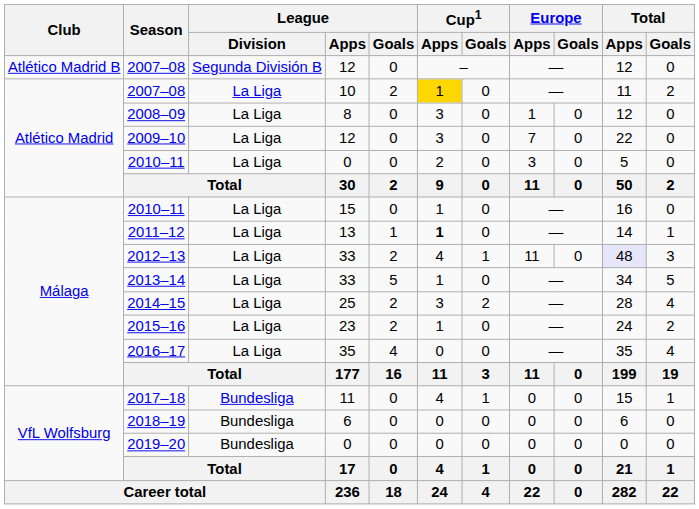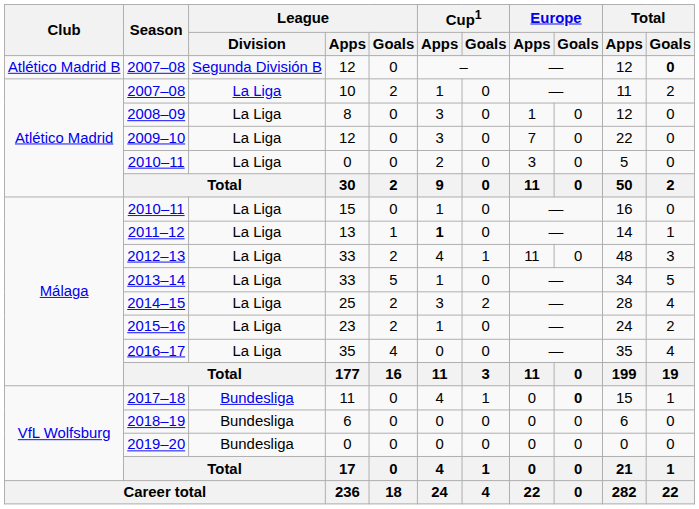 <table class="wikitable" style="text-align:center">
 <tr>
 <th rowspan="2">Club</th>
 <th rowspan="2">Season</th>
 <th colspan="3">League</th>
 <th colspan="2">Cup<sup>1</sup></th>
 <th colspan="2"><a href='#'>Europe</a></th>
 <th colspan="2">Total</th>
 </tr>
 <tr>
 <th>Division</th>
 <th>Apps</th>
 <th>Goals</th>
 <th>Apps</th>
 <th>Goals</th>
 <th>Apps</th>
 <th>Goals</th>
 <th>Apps</th>
 <th>Goals</th>
 </tr>
 <tr>
 <td><a href='#'>Atlético Madrid B</a></td>
 <td><a href='#'>2007–08</a></td>
 <td><a href='#'>Segunda División B</a></td>
 <td>12</td>
 <td>0</td>
 <td colspan="2">–</td>
 <td colspan="2">—</td>
 <td>12</td>
-<td>0</td>
+<td><strong>0</strong></td>
 </tr>
 <tr>
 <td rowspan="5"><a href='#'>Atlético Madrid</a></td>
 <td><a href='#'>2007–08</a></td>
 <td><a href='#'>La Liga</a></td>
 <td>10</td>
 <td>2</td>
-<td style="background: gold;">1</td>
+<td>1</td>
 <td>0</td>
 <td colspan="2">—</td>
 <td>11</td>
 <td>2</td>
 </tr>
 <tr>
 <td><a href='#'>2008–09</a></td>
 <td>La Liga</td>
 <td>8</td>
 <td>0</td>
 <td>3</td>
 <td>0</td>
 <td>1</td>
 <td>0</td>
 <td>12</td>
 <td>0</td>
 </tr>
 <tr>
 <td><a href='#'>2009–10</a></td>
 <td>La Liga</td>
 <td>12</td>
 <td>0</td>
 <td>3</td>
 <td>0</td>
 <td>7</td>
 <td>0</td>
 <td>22</td>
 <td>0</td>
 </tr>
 <tr>
 <td><a href='#'>2010–11</a></td>
 <td>La Liga</td>
 <td>0</td>
 <td>0</td>
 <td>2</td>
 <td>0</td>
 <td>3</td>
 <td>0</td>
 <td>5</td>
 <td>0</td>
 </tr>
 <tr>
 <th colspan="2">Total</th>
 <th>30</th>
 <th>2</th>
 <th>9</th>
 <th>0</th>
 <th>11</th>
 <th>0</th>
 <th>50</th>
 <th>2</th>
 </tr>
 <tr>
 <td rowspan="8"><a href='#'>Málaga</a></td>
 <td><a href='#'>2010–11</a></td>
 <td>La Liga</td>
 <td>15</td>
 <td>0</td>
 <td>1</td>
 <td>0</td>
 <td colspan="2">—</td>
 <td>16</td>
 <td>0</td>
 </tr>
 <tr>
 <td><a href='#'>2011–12</a></td>
 <td>La Liga</td>
 <td>13</td>
 <td>1</td>
 <td><strong>1</strong></td>
 <td>0</td>
 <td colspan="2">—</td>
 <td>14</td>
 <td>1</td>
 </tr>
 <tr>
 <td><a href='#'>2012–13</a></td>
 <td>La Liga</td>
 <td>33</td>
 <td>2</td>
 <td>4</td>
 <td>1</td>
 <td>11</td>
 <td>0</td>
-<td style="background: lavender;">48</td>
+<td>48</td>
 <td>3</td>
 </tr>
 <tr>
 <td><a href='#'>2013–14</a></td>
 <td>La Liga</td>
 <td>33</td>
 <td>5</td>
 <td>1</td>
 <td>0</td>
 <td colspan="2">—</td>
 <td>34</td>
 <td>5</td>
 </tr>
 <tr>
 <td><a href='#'>2014–15</a></td>
 <td>La Liga</td>
 <td>25</td>
 <td>2</td>
 <td>3</td>
 <td>2</td>
 <td colspan="2">—</td>
 <td>28</td>
 <td>4</td>
 </tr>
 <tr>
 <td><a href='#'>2015–16</a></td>
 <td>La Liga</td>
 <td>23</td>
 <td>2</td>
 <td>1</td>
 <td>0</td>
 <td colspan="2">—</td>
 <td>24</td>
 <td>2</td>
 </tr>
 <tr>
 <td><a href='#'>2016–17</a></td>
 <td>La Liga</td>
 <td>35</td>
 <td>4</td>
 <td>0</td>
 <td>0</td>
 <td colspan="2">—</td>
 <td>35</td>
 <td>4</td>
 </tr>
 <tr>
 <th colspan="2">Total</th>
 <th>177</th>
 <th>16</th>
 <th>11</th>
 <th>3</th>
 <th>11</th>
 <th>0</th>
 <th>199</th>
 <th>19</th>
 </tr>
 <tr>
 <td rowspan="4"><a href='#'>VfL Wolfsburg</a></td>
 <td><a href='#'>2017–18</a></td>
 <td><a href='#'>Bundesliga</a></td>
 <td>11</td>
 <td>0</td>
 <td>4</td>
 <td>1</td>
 <td>0</td>
-<td>0</td>
+<td><strong>0</strong></td>
 <td>15</td>
 <td>1</td>
 </tr>
 <tr>
 <td><a href='#'>2018–19</a></td>
 <td>Bundesliga</td>
 <td>6</td>
 <td>0</td>
 <td>0</td>
 <td>0</td>
 <td>0</td>
 <td>0</td>
 <td>6</td>
 <td>0</td>
 </tr>
 <tr>
 <td><a href='#'>2019–20</a></td>
 <td>Bundesliga</td>
 <td>0</td>
 <td>0</td>
 <td>0</td>
 <td>0</td>
 <td>0</td>
 <td>0</td>
 <td>0</td>
 <td>0</td>
 </tr>
 <tr>
 <th colspan="2">Total</th>
 <th>17</th>
 <th>0</th>
 <th>4</th>
 <th>1</th>
 <th>0</th>
 <th>0</th>
 <th>21</th>
 <th>1</th>
 </tr>
 <tr>
 <th colspan="3">Career total</th>
 <th>236</th>
 <th>18</th>
 <th>24</th>
 <th>4</th>
 <th>22</th>
 <th>0</th>
 <th>282</th>
 <th>22</th>
 </tr>
 </table>
